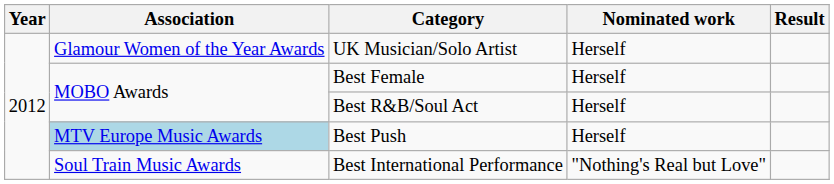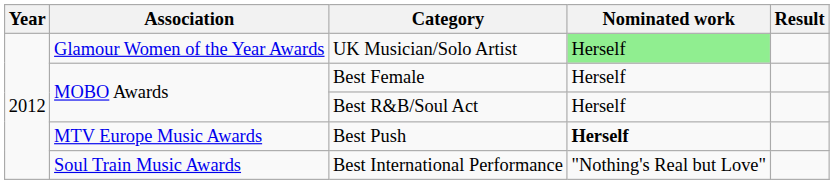 <table class="wikitable">
 <tr>
 <th>Year</th>
 <th>Association</th>
 <th>Category</th>
 <th>Nominated work</th>
 <th>Result</th>
 </tr>
 <tr>
 <td rowspan="5">2012</td>
 <td><a href='#'>Glamour Women of the Year Awards</a></td>
 <td>UK Musician/Solo Artist</td>
-<td>Herself</td>
+<td style="background: lightgreen;">Herself</td>
 <td></td>
 </tr>
 <tr>
 <td rowspan="2"><a href='#'>MOBO</a> Awards</td>
 <td>Best Female</td>
 <td>Herself</td>
 <td></td>
 </tr>
 <tr>
 <td>Best R&B/Soul Act</td>
 <td>Herself</td>
 <td></td>
 </tr>
 <tr>
-<td style="background: lightblue;"><a href='#'>MTV Europe Music Awards</a></td>
+<td><a href='#'>MTV Europe Music Awards</a></td>
 <td>Best Push</td>
-<td>Herself</td>
+<td><strong>Herself</strong></td>
 <td></td>
 </tr>
 <tr>
 <td><a href='#'>Soul Train Music Awards</a></td>
 <td>Best International Performance</td>
 <td>"Nothing's Real but Love"</td>
 <td></td>
 </tr>
 </table>
